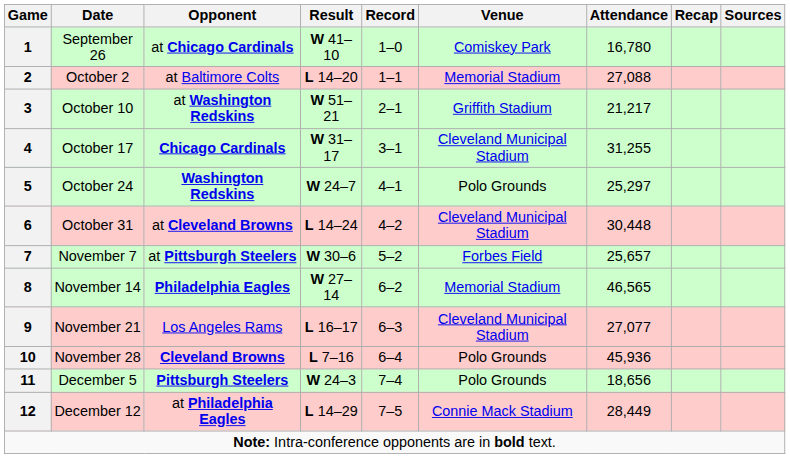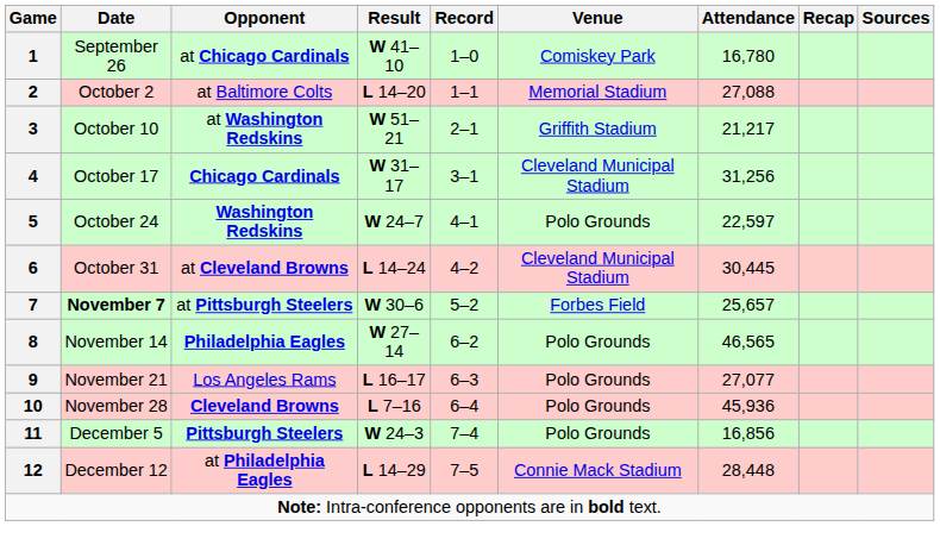 <table class="wikitable" style="text-align:center">
 <tr>
 <th>Game</th>
 <th>Date</th>
 <th>Opponent</th>
 <th>Result</th>
 <th>Record</th>
 <th>Venue</th>
 <th>Attendance</th>
 <th>Recap</th>
 <th>Sources</th>
 </tr>
 <tr style="background:#cfc">
 <th>1</th>
 <td>September 26</td>
 <td>at <strong><a href='#'>Chicago Cardinals</a></strong></td>
 <td><strong>W</strong> 41–10</td>
 <td>1–0</td>
 <td><a href='#'>Comiskey Park</a></td>
 <td>16,780</td>
 <td></td>
 <td></td>
 </tr>
 <tr style="background:#fcc">
 <th>2</th>
 <td>October 2</td>
 <td>at <a href='#'>Baltimore Colts</a></td>
 <td><strong>L</strong> 14–20</td>
 <td>1–1</td>
 <td><a href='#'>Memorial Stadium</a></td>
 <td>27,088</td>
 <td></td>
 <td></td>
 </tr>
 <tr style="background:#cfc">
 <th>3</th>
 <td>October 10</td>
 <td>at <strong><a href='#'>Washington Redskins</a></strong></td>
 <td><strong>W</strong> 51–21</td>
 <td>2–1</td>
 <td><a href='#'>Griffith Stadium</a></td>
 <td>21,217</td>
 <td></td>
 <td></td>
 </tr>
 <tr style="background:#cfc">
 <th>4</th>
 <td>October 17</td>
 <td><strong><a href='#'>Chicago Cardinals</a></strong></td>
 <td><strong>W</strong> 31–17</td>
 <td>3–1</td>
 <td><a href='#'>Cleveland Municipal Stadium</a></td>
-<td>31,255</td>
+<td>31,256</td>
 <td></td>
 <td></td>
 </tr>
 <tr style="background:#cfc">
 <th>5</th>
 <td>October 24</td>
 <td><strong><a href='#'>Washington Redskins</a></strong></td>
 <td><strong>W</strong> 24–7</td>
 <td>4–1</td>
 <td>Polo Grounds</td>
-<td>25,297</td>
+<td>22,597</td>
 <td></td>
 <td></td>
 </tr>
 <tr style="background:#fcc">
 <th>6</th>
 <td>October 31</td>
 <td>at <strong><a href='#'>Cleveland Browns</a></strong></td>
 <td><strong>L</strong> 14–24</td>
 <td>4–2</td>
 <td><a href='#'>Cleveland Municipal Stadium</a></td>
-<td>30,448</td>
+<td>30,445</td>
 <td></td>
 <td></td>
 </tr>
 <tr style="background:#cfc">
 <th>7</th>
-<td>November 7</td>
+<td><strong>November 7</strong></td>
 <td>at <strong><a href='#'>Pittsburgh Steelers</a></strong></td>
 <td><strong>W</strong> 30–6</td>
 <td>5–2</td>
 <td><a href='#'>Forbes Field</a></td>
 <td>25,657</td>
 <td></td>
 <td></td>
 </tr>
 <tr style="background:#cfc">
 <th>8</th>
 <td>November 14</td>
 <td><strong><a href='#'>Philadelphia Eagles</a></strong></td>
 <td><strong>W</strong> 27–14</td>
 <td>6–2</td>
-<td><a href='#'>Memorial Stadium</a></td>
+<td>Polo Grounds</td>
 <td>46,565</td>
 <td></td>
 <td></td>
 </tr>
 <tr style="background:#fcc">
 <th>9</th>
 <td>November 21</td>
 <td><a href='#'>Los Angeles Rams</a></td>
 <td><strong>L</strong> 16–17</td>
 <td>6–3</td>
-<td><a href='#'>Cleveland Municipal Stadium</a></td>
+<td>Polo Grounds</td>
 <td>27,077</td>
 <td></td>
 <td></td>
 </tr>
 <tr style="background:#fcc">
 <th>10</th>
 <td>November 28</td>
 <td><strong><a href='#'>Cleveland Browns</a></strong></td>
 <td><strong>L</strong> 7–16</td>
 <td>6–4</td>
 <td>Polo Grounds</td>
 <td>45,936</td>
 <td></td>
 <td></td>
 </tr>
 <tr style="background:#cfc">
 <th>11</th>
 <td>December 5</td>
 <td><strong><a href='#'>Pittsburgh Steelers</a></strong></td>
 <td><strong>W</strong> 24–3</td>
 <td>7–4</td>
 <td>Polo Grounds</td>
-<td>18,656</td>
+<td>16,856</td>
 <td></td>
 <td></td>
 </tr>
 <tr style="background:#fcc">
 <th>12</th>
 <td>December 12</td>
 <td>at <strong><a href='#'>Philadelphia Eagles</a></strong></td>
 <td><strong>L</strong> 14–29</td>
 <td>7–5</td>
 <td><a href='#'>Connie Mack Stadium</a></td>
-<td>28,449</td>
+<td>28,448</td>
 <td></td>
 <td></td>
 </tr>
 <tr>
 <td colspan="10"><strong>Note:</strong> Intra-conference opponents are in <strong>bold</strong> text.</td>
 </tr>
 </table>
